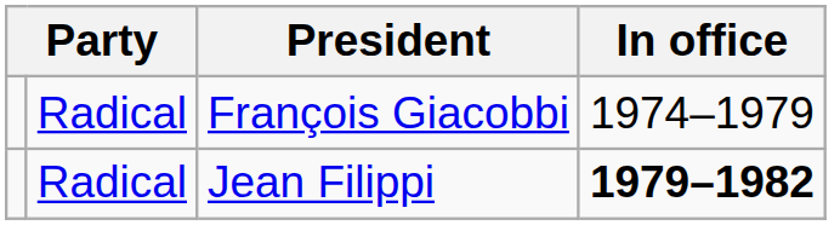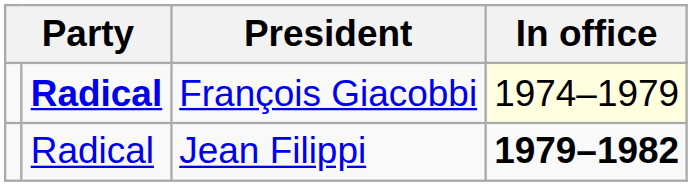 <table class="wikitable">
 <tr>
 <th colspan="2">Party</th>
 <th>President</th>
 <th>In office</th>
 </tr>
 <tr>
 <td></td>
-<td><a href='#'>Radical</a></td>
+<td><strong><a href='#'>Radical</a></strong></td>
 <td><a href='#'>François Giacobbi</a></td>
-<td>1974–1979</td>
+<td style="background: lightyellow;">1974–1979</td>
 </tr>
 <tr>
 <td></td>
 <td><a href='#'>Radical</a></td>
 <td><a href='#'>Jean Filippi</a></td>
 <td><strong>1979–1982</strong></td>
 </tr>
 </table>
